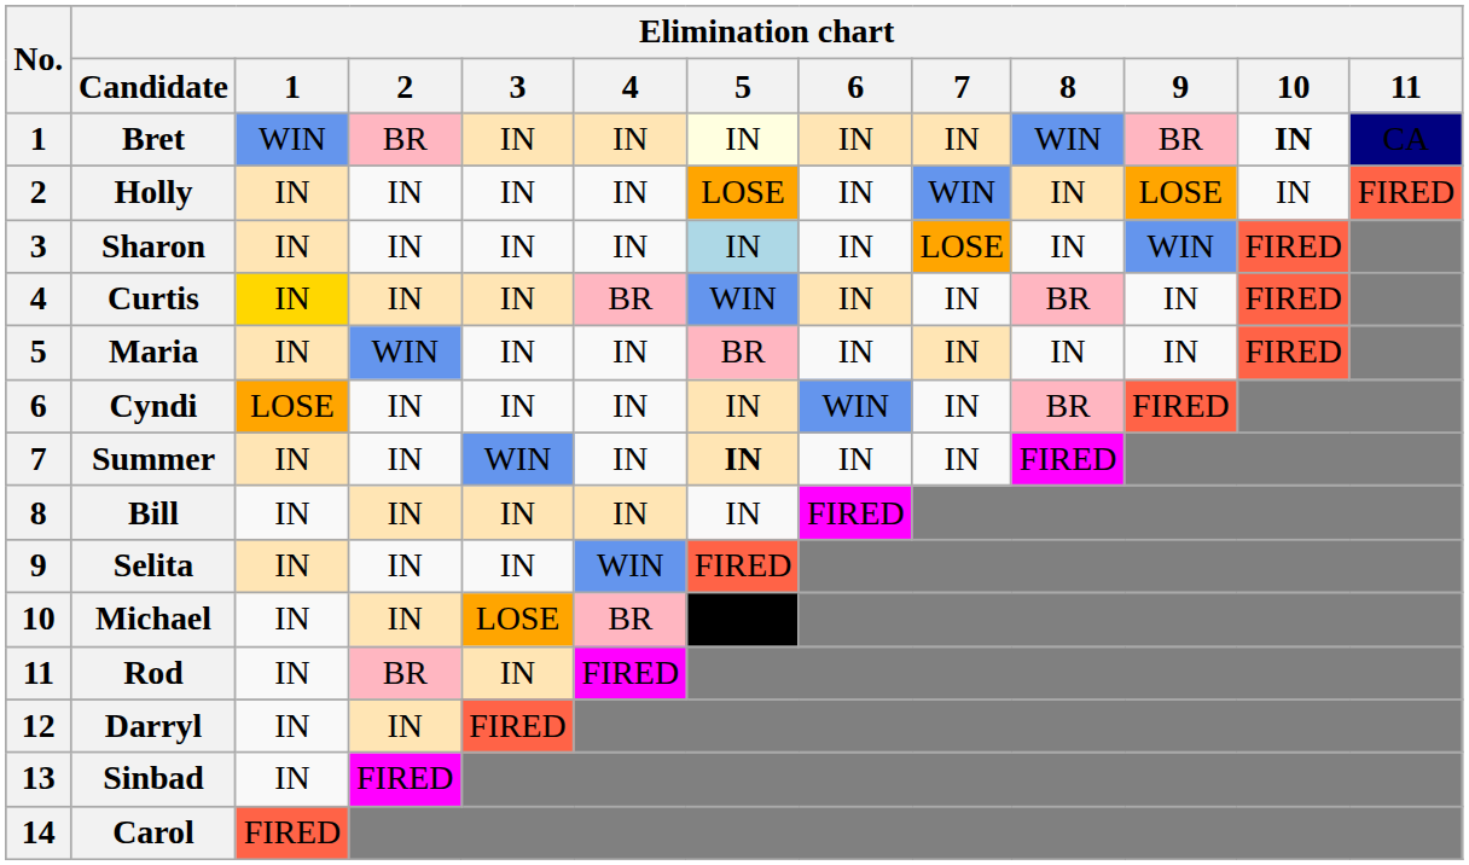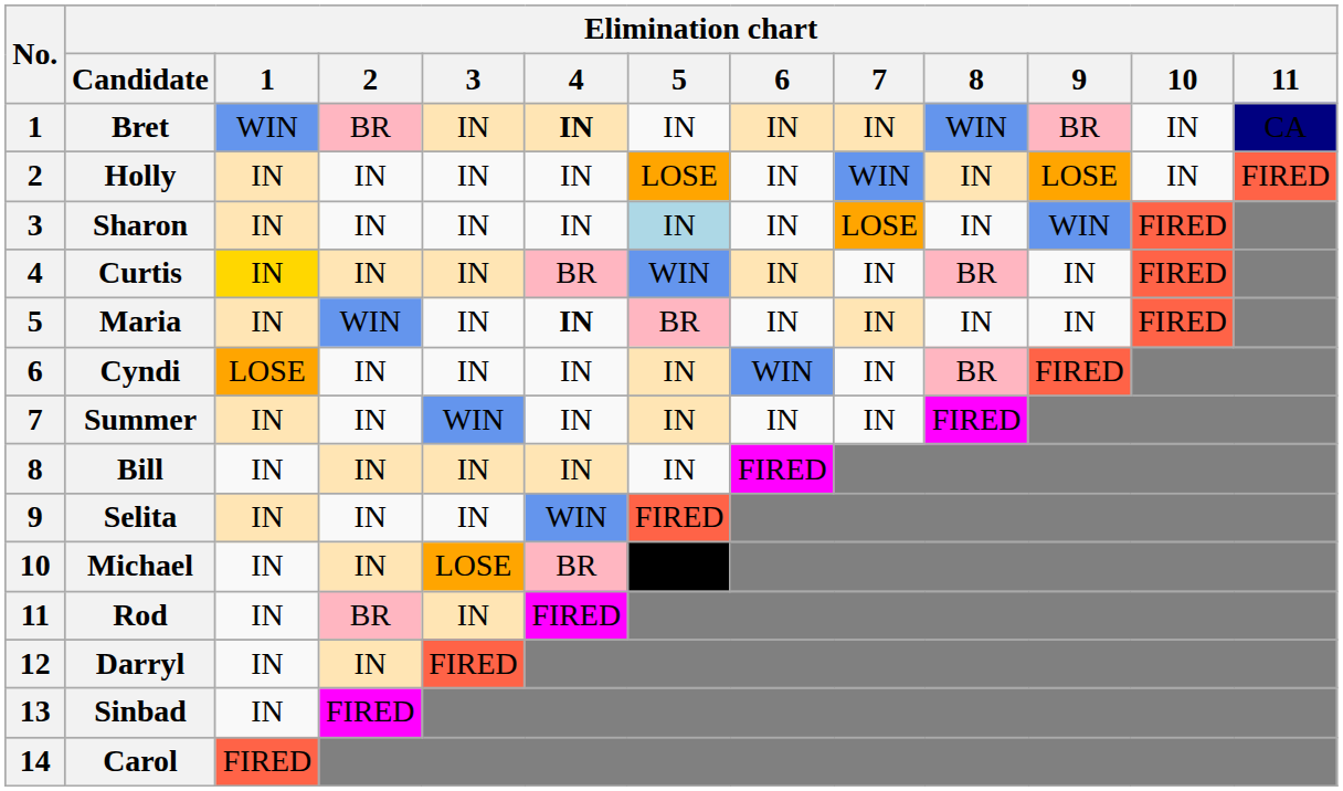 <table class="wikitable" style="text-align:center;">
 <tr>
 <th rowspan="2">No.</th>
 <th colspan="12">Elimination chart</th>
 </tr>
 <tr>
 <th>Candidate</th>
 <th>1</th>
 <th>2</th>
 <th>3</th>
 <th>4</th>
 <th>5</th>
 <th>6</th>
 <th>7</th>
 <th>8</th>
 <th>9</th>
 <th>10</th>
 <th>11</th>
 </tr>
 <tr>
 <th>1</th>
 <th>Bret</th>
 <td style="background:cornflowerblue;">WIN</td>
 <td style="background:lightpink;">BR</td>
 <td style="background:#FFE5B4;">IN</td>
-<td style="background:#FFE5B4;">IN</td>
-<td style="background: lightyellow;">IN</td>
+<td style="background:#FFE5B4;"><strong>IN</strong></td>
+<td>IN</td>
 <td style="background:#FFE5B4;">IN</td>
 <td style="background:#FFE5B4;">IN</td>
 <td style="background:cornflowerblue;">WIN</td>
 <td style="background:lightpink;">BR</td>
-<td><strong>IN</strong></td>
+<td>IN</td>
 <td style="background:navy;"><span> CA </span></td>
 </tr>
 <tr>
 <th>2</th>
 <th>Holly</th>
 <td style="background:#FFE5B4;">IN</td>
 <td>IN</td>
 <td>IN</td>
 <td>IN</td>
 <td style="background:orange;">LOSE</td>
 <td>IN</td>
 <td style="background:cornflowerblue;">WIN</td>
 <td style="background:#FFE5B4;">IN</td>
 <td style="background:orange;">LOSE</td>
 <td>IN</td>
 <td style="background:tomato;">FIRED</td>
 </tr>
 <tr>
 <th>3</th>
 <th>Sharon</th>
 <td style="background:#FFE5B4;">IN</td>
 <td>IN</td>
 <td>IN</td>
 <td>IN</td>
 <td style="background:lightblue;">IN</td>
 <td>IN</td>
 <td style="background:orange;">LOSE</td>
 <td>IN</td>
 <td style="background:cornflowerblue;">WIN</td>
 <td style="background:tomato;">FIRED</td>
 <td colspan="2" style="background:gray;"></td>
 </tr>
 <tr>
 <th>4</th>
 <th>Curtis</th>
 <td style="background: gold;">IN</td>
 <td style="background:#FFE5B4;">IN</td>
 <td style="background:#FFE5B4;">IN</td>
 <td style="background:lightpink;">BR</td>
 <td style="background:cornflowerblue;">WIN</td>
 <td style="background:#FFE5B4;">IN</td>
 <td>IN</td>
 <td style="background:lightpink;">BR</td>
 <td>IN</td>
 <td style="background:tomato;">FIRED</td>
 <td colspan="2" style="background:gray;"></td>
 </tr>
 <tr>
 <th>5</th>
 <th>Maria</th>
 <td style="background:#FFE5B4;">IN</td>
 <td style="background:cornflowerblue;">WIN</td>
 <td>IN</td>
-<td>IN</td>
+<td><strong>IN</strong></td>
 <td style="background:lightpink;">BR</td>
 <td>IN</td>
 <td style="background:#FFE5B4;">IN</td>
 <td>IN</td>
 <td>IN</td>
 <td style="background:tomato;">FIRED</td>
 <td colspan="2" style="background:gray;"></td>
 </tr>
 <tr>
 <th>6</th>
 <th>Cyndi</th>
 <td style="background:orange;">LOSE</td>
 <td>IN</td>
 <td>IN</td>
 <td>IN</td>
 <td style="background:#FFE5B4;">IN</td>
 <td style="background:cornflowerblue;">WIN</td>
 <td>IN</td>
 <td style="background:lightpink;">BR</td>
 <td style="background:tomato;">FIRED</td>
 <td colspan="3" style="background:gray;"></td>
 </tr>
 <tr>
 <th>7</th>
 <th>Summer</th>
 <td style="background:#FFE5B4;">IN</td>
 <td>IN</td>
 <td style="background:cornflowerblue;">WIN</td>
 <td>IN</td>
-<td style="background:#FFE5B4;"><strong>IN</strong></td>
+<td style="background:#FFE5B4;">IN</td>
 <td>IN</td>
 <td>IN</td>
 <td style="background:magenta;">FIRED</td>
 <td colspan="4" style="background:gray;"></td>
 </tr>
 <tr>
 <th>8</th>
 <th>Bill</th>
 <td>IN</td>
 <td style="background:#FFE5B4;">IN</td>
 <td style="background:#FFE5B4;">IN</td>
 <td style="background:#FFE5B4;">IN</td>
 <td>IN</td>
 <td style="background:magenta;">FIRED</td>
 <td colspan="6" style="background:gray;"></td>
 </tr>
 <tr>
 <th>9</th>
 <th>Selita</th>
 <td style="background:#FFE5B4;">IN</td>
 <td>IN</td>
 <td>IN</td>
 <td style="background:cornflowerblue;">WIN</td>
 <td style="background:tomato;">FIRED</td>
 <td colspan="7" style="background:gray;"></td>
 </tr>
 <tr>
 <th>10</th>
 <th>Michael</th>
 <td>IN</td>
 <td style="background:#FFE5B4;">IN</td>
 <td style="background:orange;">LOSE</td>
 <td style="background:lightpink;">BR</td>
 <td style="background:black;"><span> QUIT </span></td>
 <td colspan="7" style="background:gray;"></td>
 </tr>
 <tr>
 <th>11</th>
 <th>Rod</th>
 <td>IN</td>
 <td style="background:lightpink;">BR</td>
 <td style="background:#FFE5B4;">IN</td>
 <td style="background:magenta;">FIRED</td>
 <td colspan="8" style="background:gray;"></td>
 </tr>
 <tr>
 <th>12</th>
 <th>Darryl</th>
 <td>IN</td>
 <td style="background:#FFE5B4;">IN</td>
 <td style="background:tomato;">FIRED</td>
 <td colspan="9" style="background:gray;"></td>
 </tr>
 <tr>
 <th>13</th>
 <th>Sinbad</th>
 <td>IN</td>
 <td style="background:magenta;">FIRED</td>
 <td colspan="10" style="background:gray;"></td>
 </tr>
 <tr>
 <th>14</th>
 <th>Carol</th>
 <td style="background:tomato;">FIRED</td>
 <td colspan="11" style="background:gray;"></td>
 </tr>
 </table>
